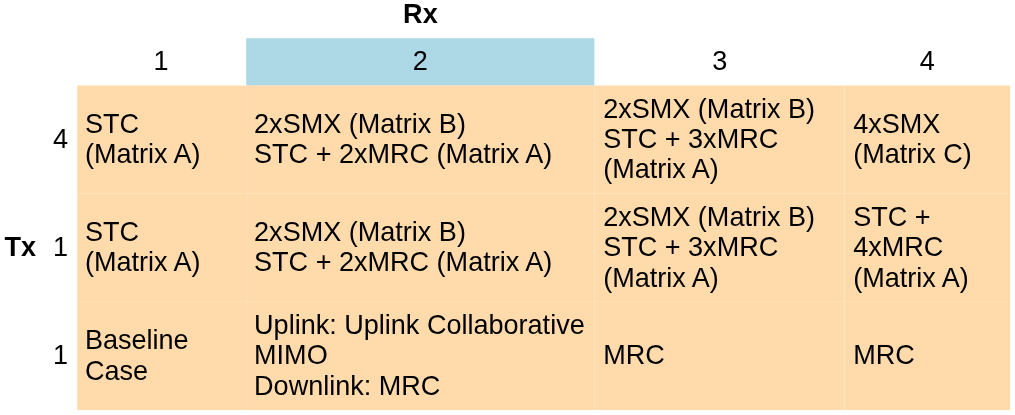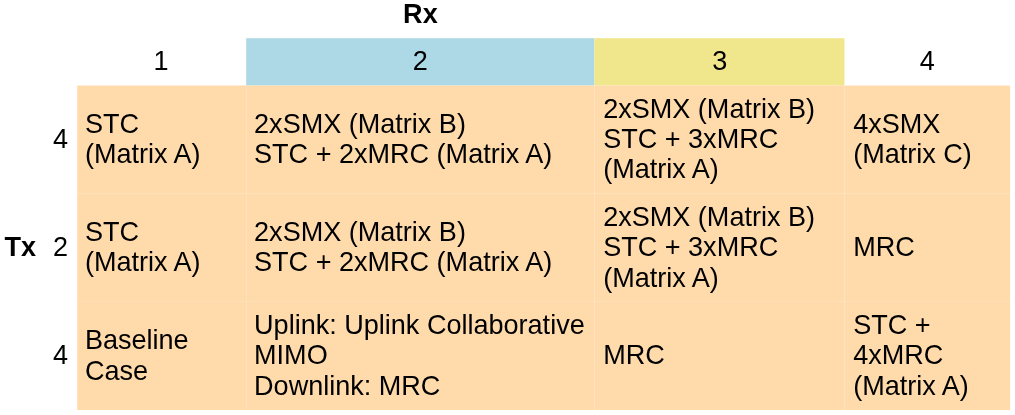 <table style="width:600px; height:200px" border="0" cellspacing="0" cellpadding="5px" align="center">
 <tr>
 <th colspan="5"></th>
 </tr>
 <tr>
 <td colspan="5" align="center"><strong>Rx</strong></td>
 </tr>
 <tr align="center">
 <td></td>
 <td></td>
 <td>1</td>
 <td style="background: lightblue;">2</td>
-<td>3</td>
+<td style="background: khaki;">3</td>
 <td>4</td>
 </tr>
 <tr>
 <td></td>
 <td>4</td>
 <td style="background:#ffdbac">STC <br>(Matrix A)</td>
 <td style="background:#ffdbac">2xSMX (Matrix B)<br>STC + 2xMRC (Matrix A)</td>
 <td style="background:#ffdbac">2xSMX (Matrix B)<br>STC + 3xMRC (Matrix A)</td>
 <td style="background:#ffdbac">4xSMX <br>(Matrix C)</td>
 </tr>
 <tr>
 <td><strong>Tx</strong></td>
-<td>1</td>
+<td>2</td>
 <td style="background:#ffdbac">STC <br>(Matrix A)</td>
 <td style="background:#ffdbac">2xSMX (Matrix B)<br> STC + 2xMRC (Matrix A)</td>
 <td style="background:#ffdbac">2xSMX (Matrix B)<br>STC + 3xMRC (Matrix A)</td>
-<td style="background:#ffdbac">STC + 4xMRC <br>(Matrix A)</td>
+<td style="background:#ffdbac">MRC</td>
 </tr>
 <tr>
 <td></td>
-<td>1</td>
+<td>4</td>
 <td style="background:#ffdbac">Baseline Case</td>
 <td style="background:#ffdbac">Uplink: Uplink Collaborative MIMO<br>Downlink: MRC</td>
 <td style="background:#ffdbac">MRC</td>
-<td style="background:#ffdbac">MRC</td>
+<td style="background:#ffdbac">STC + 4xMRC <br>(Matrix A)</td>
 </tr>
 </table>
